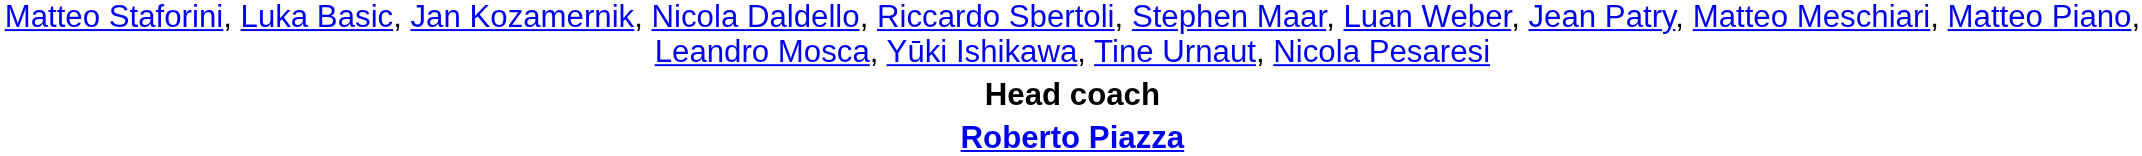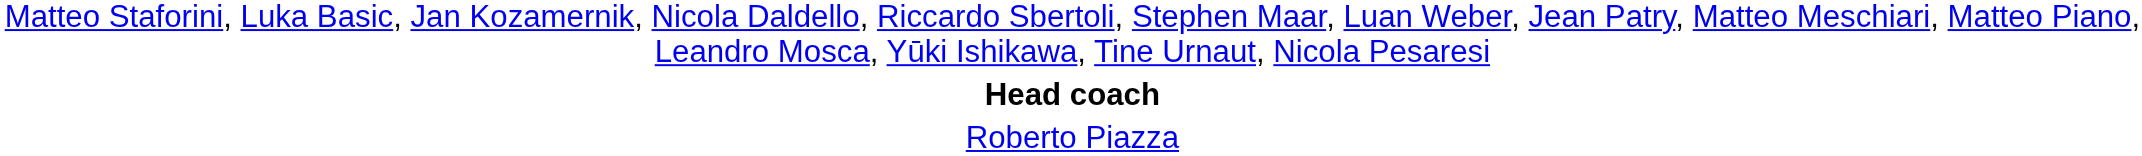 <table style="text-align:center; margin-top:2em; margin-left:auto; margin-right:auto">
 <tr>
 <td><a href='#'>Matteo Staforini</a>, <a href='#'>Luka Basic</a>, <a href='#'>Jan Kozamernik</a>, <a href='#'>Nicola Daldello</a>, <a href='#'>Riccardo Sbertoli</a>, <a href='#'>Stephen Maar</a>, <a href='#'>Luan Weber</a>, <a href='#'>Jean Patry</a>, <a href='#'>Matteo Meschiari</a>, <a href='#'>Matteo Piano</a>,<br> <a href='#'>Leandro Mosca</a>, <a href='#'>Yūki Ishikawa</a>, <a href='#'>Tine Urnaut</a>, <a href='#'>Nicola Pesaresi</a></td>
 </tr>
 <tr>
 <td><strong>Head coach</strong></td>
 </tr>
 <tr>
-<td><strong><a href='#'>Roberto Piazza</a></strong></td>
+<td><a href='#'>Roberto Piazza</a></td>
 </tr>
 </table>
